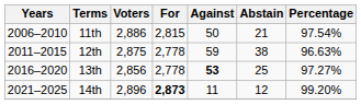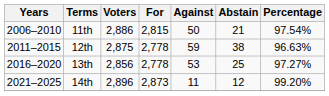 <table class="wikitable sortable" style="text-align: center;">
 <tr>
 <th>Years</th>
 <th>Terms</th>
 <th>Voters</th>
 <th>For</th>
 <th>Against</th>
 <th>Abstain</th>
 <th>Percentage</th>
 </tr>
 <tr>
 <td>2006–2010</td>
 <td>11th</td>
 <td>2,886</td>
 <td>2,815</td>
 <td>50</td>
 <td>21</td>
 <td>97.54%</td>
 </tr>
 <tr>
 <td>2011–2015</td>
 <td>12th</td>
 <td>2,875</td>
 <td>2,778</td>
 <td>59</td>
 <td>38</td>
 <td>96.63%</td>
 </tr>
 <tr>
 <td>2016–2020</td>
 <td>13th</td>
 <td>2,856</td>
 <td>2,778</td>
-<td><strong>53</strong></td>
+<td>53</td>
 <td>25</td>
 <td>97.27%</td>
 </tr>
 <tr>
 <td>2021–2025</td>
 <td>14th</td>
 <td>2,896</td>
-<td><strong>2,873</strong></td>
+<td>2,873</td>
 <td>11</td>
 <td>12</td>
 <td>99.20%</td>
 </tr>
 <tr>
 </tr>
 </table>
